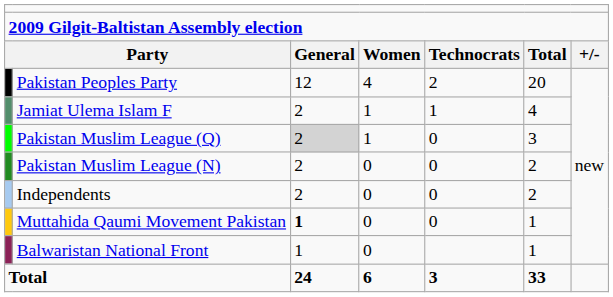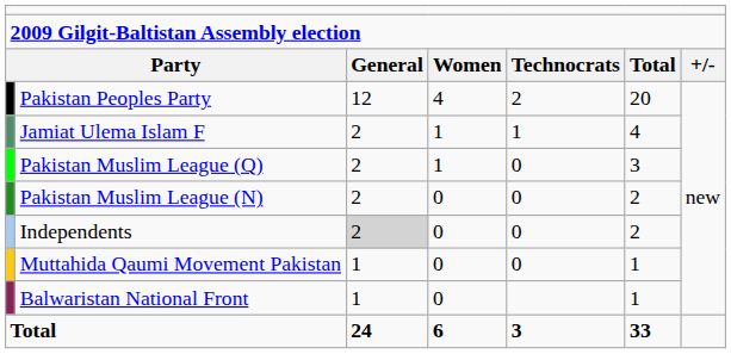 <table class="wikitable">
 <tr>
 <td colspan="7"></td>
 </tr>
 <tr>
 <td colspan="7"><strong><a href='#'>2009 Gilgit-Baltistan Assembly election</a></strong></td>
 </tr>
 <tr>
 <th colspan="2">Party</th>
 <th>General</th>
 <th>Women</th>
 <th>Technocrats</th>
 <th>Total</th>
 <th>+/-</th>
 </tr>
 <tr>
 <td style="color:inherit;background:#000000"></td>
 <td><a href='#'>Pakistan Peoples Party</a></td>
 <td>12</td>
 <td>4</td>
 <td>2</td>
 <td>20</td>
 <td rowspan="7">new</td>
 </tr>
 <tr>
 <td style="color:inherit;background:#528d6b"></td>
 <td><a href='#'>Jamiat Ulema Islam F</a></td>
 <td>2</td>
 <td>1</td>
 <td>1</td>
 <td>4</td>
 </tr>
 <tr>
 <td style="color:inherit;background:#00ff00"></td>
 <td><a href='#'>Pakistan Muslim League (Q)</a></td>
-<td style="background: lightgrey;">2</td>
+<td>2</td>
 <td>1</td>
 <td>0</td>
 <td>3</td>
 </tr>
 <tr>
 <td style="color:inherit;background:#228b22"></td>
 <td><a href='#'>Pakistan Muslim League (N)</a></td>
 <td>2</td>
 <td>0</td>
 <td>0</td>
 <td>2</td>
 </tr>
 <tr>
 <td style="color:inherit;background:#a6caf0"></td>
 <td>Independents</td>
-<td>2</td>
+<td style="background: lightgrey;">2</td>
 <td>0</td>
 <td>0</td>
 <td>2</td>
 </tr>
 <tr>
 <td style="color:inherit;background:#ffc90e"></td>
 <td><a href='#'>Muttahida Qaumi Movement Pakistan</a></td>
-<td><strong>1</strong></td>
+<td>1</td>
 <td>0</td>
 <td>0</td>
 <td>1</td>
 </tr>
 <tr>
 <td style="color:inherit;background:#8b2257"></td>
 <td><a href='#'>Balwaristan National Front</a></td>
 <td>1</td>
 <td>0</td>
 <td></td>
 <td>1</td>
 </tr>
 <tr>
 <td colspan="2"><strong>Total</strong></td>
 <td><strong>24</strong></td>
 <td><strong>6</strong></td>
 <td><strong>3</strong></td>
 <td><strong>33</strong></td>
 <td></td>
 </tr>
 </table>
